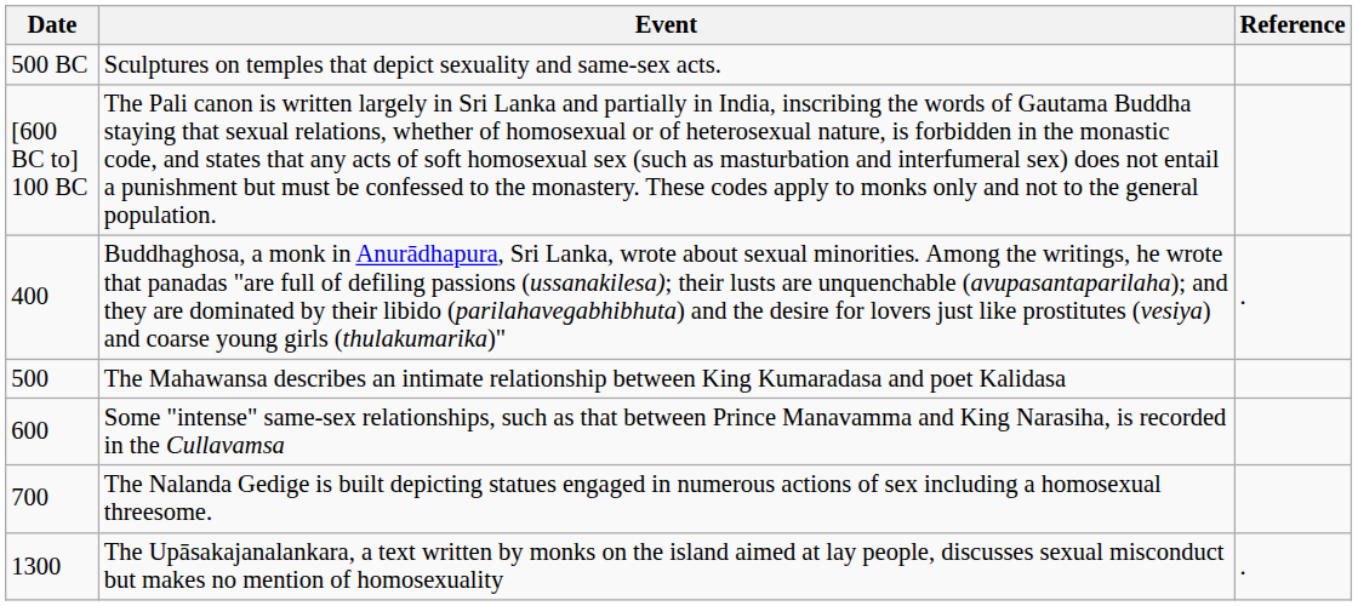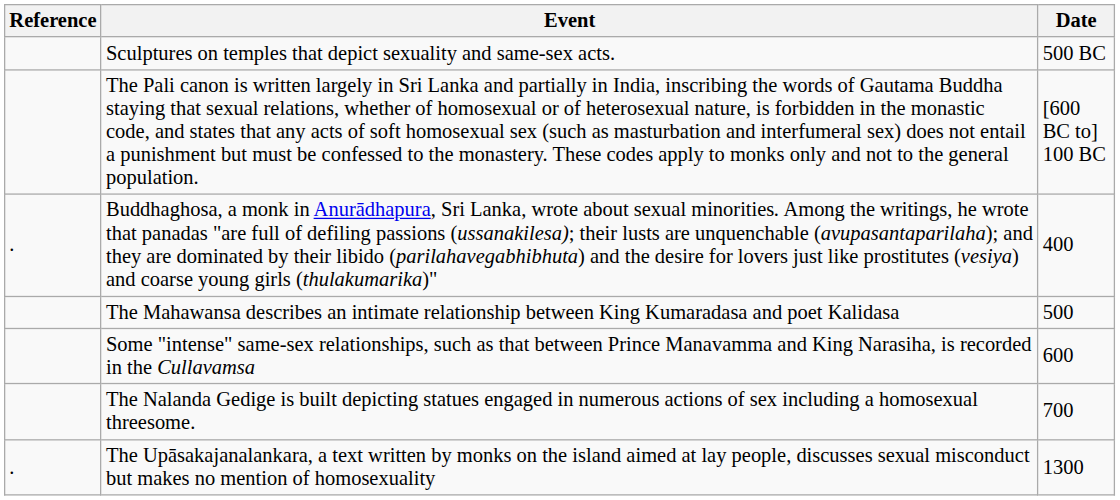 <table class="wikitable">
 <tr>
+<th>Reference</th>
+<th>Event</th>
 <th>Date</th>
-<th>Event</th>
-<th>Reference</th>
 </tr>
 <tr>
+<td></td>
+<td>Sculptures on temples that depict sexuality and same-sex acts.</td>
 <td>500 BC</td>
-<td>Sculptures on temples that depict sexuality and same-sex acts.</td>
-<td></td>
 </tr>
 <tr>
+<td></td>
+<td>The Pali canon is written largely in Sri Lanka and partially in India, inscribing the words of Gautama Buddha staying that sexual relations, whether of homosexual or of heterosexual nature, is forbidden in the monastic code, and states that any acts of soft homosexual sex (such as masturbation and interfumeral sex) does not entail a punishment but must be confessed to the monastery. These codes apply to monks only and not to the general population.</td>
 <td>[600 BC to] 100 BC</td>
-<td>The Pali canon is written largely in Sri Lanka and partially in India, inscribing the words of Gautama Buddha staying that sexual relations, whether of homosexual or of heterosexual nature, is forbidden in the monastic code, and states that any acts of soft homosexual sex (such as masturbation and interfumeral sex) does not entail a punishment but must be confessed to the monastery. These codes apply to monks only and not to the general population.</td>
-<td></td>
 </tr>
 <tr>
+<td>.</td>
+<td>Buddhaghosa, a monk in <a href='#'>Anurādhapura</a>, Sri Lanka, wrote about sexual minorities<em>.</em> Among the writings, he wrote that panadas "are full of defiling passions (<em>ussanakilesa)</em>; their lusts are unquenchable (<em>avupasantaparilaha</em>); and they are dominated by their libido (<em>parilahavegabhibhuta</em>) and the desire for lovers just like prostitutes (<em>vesiya</em>) and coarse young girls (<em>thulakumarika</em>)"</td>
 <td>400</td>
-<td>Buddhaghosa, a monk in <a href='#'>Anurādhapura</a>, Sri Lanka, wrote about sexual minorities<em>.</em> Among the writings, he wrote that panadas "are full of defiling passions (<em>ussanakilesa)</em>; their lusts are unquenchable (<em>avupasantaparilaha</em>); and they are dominated by their libido (<em>parilahavegabhibhuta</em>) and the desire for lovers just like prostitutes (<em>vesiya</em>) and coarse young girls (<em>thulakumarika</em>)"</td>
-<td>.</td>
 </tr>
 <tr>
+<td></td>
+<td>The Mahawansa describes an intimate relationship between King Kumaradasa and poet Kalidasa</td>
 <td>500</td>
-<td>The Mahawansa describes an intimate relationship between King Kumaradasa and poet Kalidasa</td>
-<td></td>
 </tr>
 <tr>
+<td></td>
+<td>Some "intense" same-sex relationships, such as that between Prince Manavamma and King Narasiha, is recorded in the <em>Cullavamsa</em></td>
 <td>600</td>
-<td>Some "intense" same-sex relationships, such as that between Prince Manavamma and King Narasiha, is recorded in the <em>Cullavamsa</em></td>
-<td></td>
 </tr>
 <tr>
+<td></td>
+<td>The Nalanda Gedige is built depicting statues engaged in numerous actions of sex including a homosexual threesome.</td>
 <td>700</td>
-<td>The Nalanda Gedige is built depicting statues engaged in numerous actions of sex including a homosexual threesome.</td>
-<td></td>
 </tr>
 <tr>
+<td>.</td>
+<td>The Upāsakajanalankara, a text written by monks on the island aimed at lay people, discusses sexual misconduct but makes no mention of homosexuality</td>
 <td>1300</td>
-<td>The Upāsakajanalankara, a text written by monks on the island aimed at lay people, discusses sexual misconduct but makes no mention of homosexuality</td>
-<td>.</td>
 </tr>
 </table>
